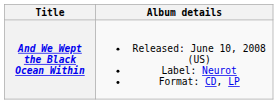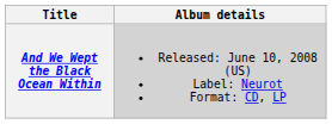 <table class="wikitable plainrowheaders" style="text-align:center;">
 <tr>
 <th scope="col" rowspan="1" style="width:9em;">Title</th>
 <th scope="col" rowspan="1" style="width:18em;">Album details</th>
 </tr>
 <tr>
 <th scope="row"><em><a href='#'>And We Wept the Black Ocean Within</a></em></th>
-<td><br><ul><li>Released: June 10, 2008 <span>(US)</span></li><li>Label: <a href='#'>Neurot</a></li><li>Format: <a href='#'>CD</a>, <a href='#'>LP</a></li></ul></td>
+<td style="background: lightgrey;"><br><ul><li>Released: June 10, 2008 <span>(US)</span></li><li>Label: <a href='#'>Neurot</a></li><li>Format: <a href='#'>CD</a>, <a href='#'>LP</a></li></ul></td>
 </tr>
 </table>
